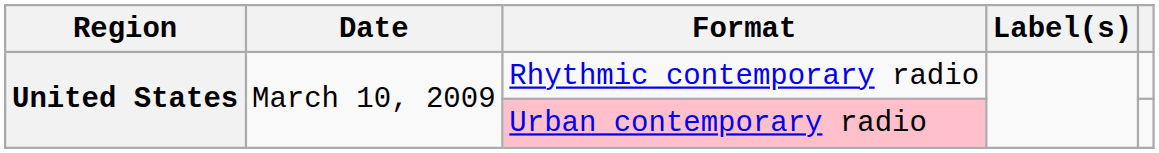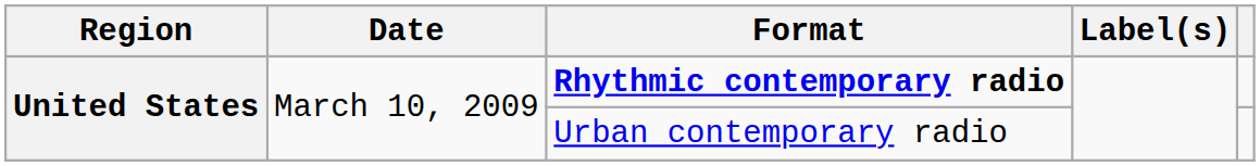 <table class="wikitable plainrowheaders">
 <tr>
 <th scope="col">Region</th>
 <th scope="col">Date</th>
 <th scope="col">Format</th>
 <th scope="col">Label(s)</th>
 <th scope="col"></th>
 </tr>
 <tr>
 <th scope="row" rowspan="2">United States</th>
 <td rowspan="2">March 10, 2009</td>
-<td><a href='#'>Rhythmic contemporary</a> radio</td>
+<td><strong><a href='#'>Rhythmic contemporary</a> radio</strong></td>
 <td rowspan="2"></td>
 <td style="text-align:center;"></td>
 </tr>
 <tr>
-<td style="background: pink;"><a href='#'>Urban contemporary</a> radio</td>
+<td><a href='#'>Urban contemporary</a> radio</td>
 <td style="text-align:center;"></td>
 </tr>
 </table>
